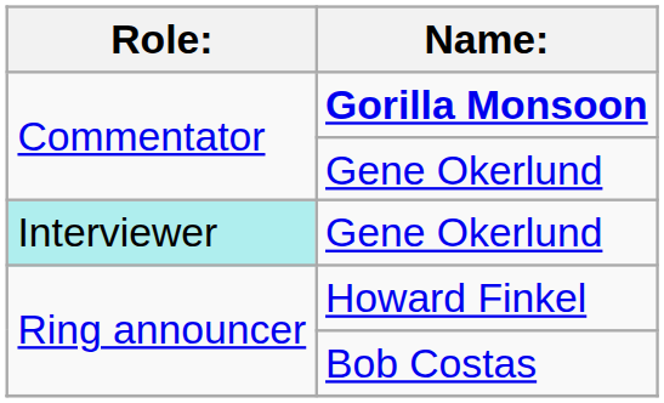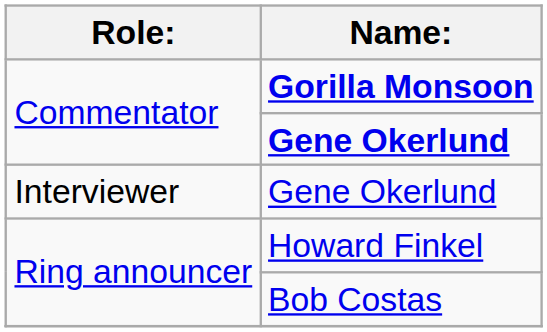 <table class=wikitable style="font-size:90%; margin: 0.5em 0 0.5em 1em; float: right; clear: right;">
 <tr>
 <th>Role:</th>
 <th>Name:</th>
 </tr>
 <tr>
 <td rowspan=2><a href='#'>Commentator</a></td>
 <td><strong><a href='#'>Gorilla Monsoon</a></strong></td>
 </tr>
 <tr>
-<td><a href='#'>Gene Okerlund</a></td>
+<td><strong><a href='#'>Gene Okerlund</a></strong></td>
 </tr>
 <tr>
-<td rowspan=1 style="background: paleturquoise;">Interviewer</td>
+<td rowspan=1>Interviewer</td>
 <td><a href='#'>Gene Okerlund</a></td>
 </tr>
 <tr>
 <td rowspan=2><a href='#'>Ring announcer</a></td>
 <td><a href='#'>Howard Finkel</a></td>
 </tr>
 <tr>
 <td><a href='#'>Bob Costas</a> </td>
 </tr>
 <tr>
 </tr>
 </table>
